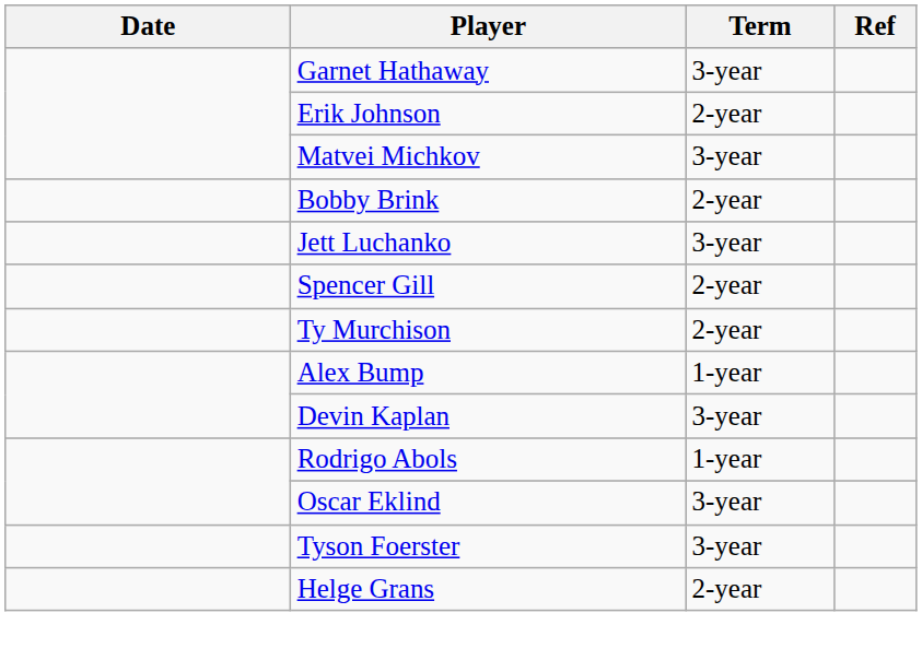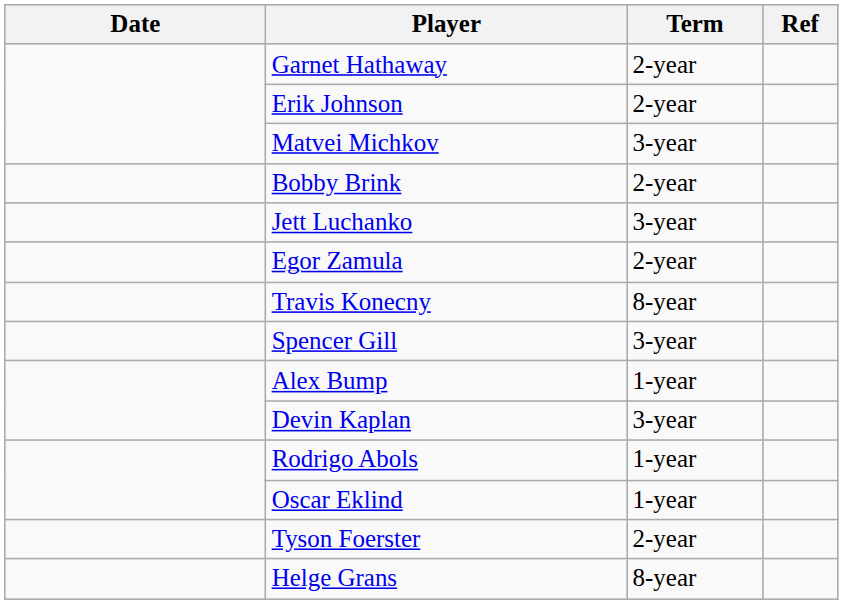 <table class="wikitable">
 <tr>
 <th style="width: 10em;">Date</th>
 <th style="width: 14em;">Player</th>
 <th style="width: 5em;">Term</th>
 <th style="width: 2.5em;">Ref</th>
 </tr>
 <tr>
 <td rowspan=3></td>
 <td><a href='#'>Garnet Hathaway</a></td>
-<td>3-year</td>
+<td>2-year</td>
 <td></td>
 </tr>
 <tr>
 <td><a href='#'>Erik Johnson</a></td>
 <td>2-year</td>
 <td></td>
 </tr>
 <tr>
 <td><a href='#'>Matvei Michkov</a></td>
 <td>3-year</td>
 <td></td>
 </tr>
 <tr>
 <td></td>
 <td><a href='#'>Bobby Brink</a></td>
 <td>2-year</td>
 <td></td>
 </tr>
 <tr>
 <td></td>
 <td><a href='#'>Jett Luchanko</a></td>
 <td>3-year</td>
 <td></td>
 </tr>
 <tr>
 <td></td>
-<td><a href='#'>Spencer Gill</a></td>
+<td><a href='#'>Egor Zamula</a></td>
 <td>2-year</td>
 <td></td>
 </tr>
 <tr>
 <td></td>
-<td><a href='#'>Ty Murchison</a></td>
-<td>2-year</td>
+<td><a href='#'>Travis Konecny</a></td>
+<td>8-year</td>
+<td></td>
+</tr>
+<tr>
+<td></td>
+<td><a href='#'>Spencer Gill</a></td>
+<td>3-year</td>
 <td></td>
 </tr>
 <tr>
 <td rowspan=2></td>
 <td><a href='#'>Alex Bump</a></td>
 <td>1-year</td>
 <td></td>
 </tr>
 <tr>
 <td><a href='#'>Devin Kaplan</a></td>
 <td>3-year</td>
 <td></td>
 </tr>
 <tr>
 <td rowspan=2></td>
 <td><a href='#'>Rodrigo Abols</a></td>
 <td>1-year</td>
 <td></td>
 </tr>
 <tr>
 <td><a href='#'>Oscar Eklind</a></td>
-<td>3-year</td>
+<td>1-year</td>
 <td></td>
 </tr>
 <tr>
 <td></td>
 <td><a href='#'>Tyson Foerster</a></td>
-<td>3-year</td>
+<td>2-year</td>
 <td></td>
 </tr>
 <tr>
 <td></td>
 <td><a href='#'>Helge Grans</a></td>
-<td>2-year</td>
+<td>8-year</td>
 <td></td>
 </tr>
 </table>
